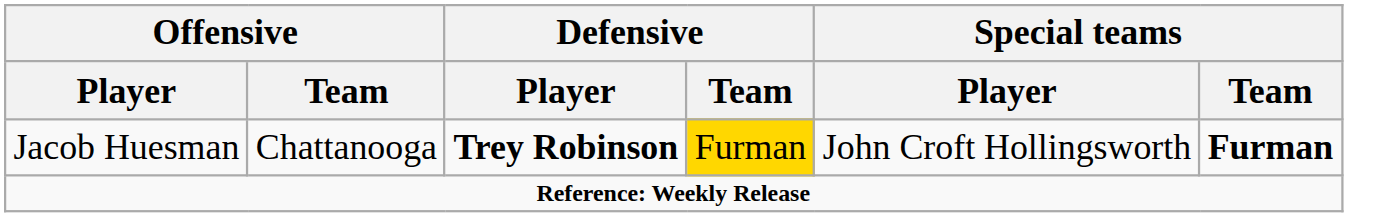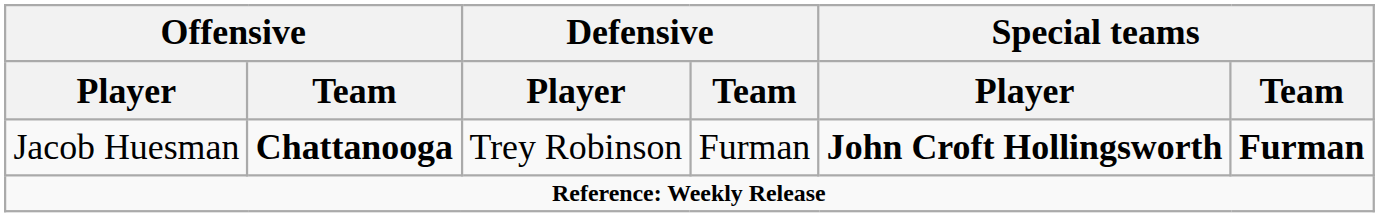 <table class="wikitable" border="1">
 <tr>
 <th colspan="2">Offensive</th>
 <th colspan="2">Defensive</th>
 <th colspan="2">Special teams</th>
 </tr>
 <tr>
 <th>Player</th>
 <th>Team</th>
 <th>Player</th>
 <th>Team</th>
 <th>Player</th>
 <th>Team</th>
 </tr>
 <tr>
 <td>Jacob Huesman</td>
-<td>Chattanooga</td>
-<td><strong>Trey Robinson</strong></td>
-<td style="background: gold;">Furman</td>
-<td>John Croft Hollingsworth</td>
+<td><strong>Chattanooga</strong></td>
+<td>Trey Robinson</td>
+<td>Furman</td>
+<td><strong>John Croft Hollingsworth</strong></td>
 <td><strong>Furman</strong></td>
 </tr>
 <tr>
 <td colspan="8" style="font-size: 8pt" align="center"><strong>Reference: Weekly Release</strong></td>
 </tr>
 </table>
